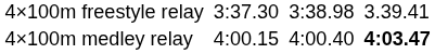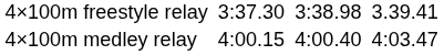 <table>
 <tr>
 <td>4×100m freestyle relay<br></td>
 <td></td>
 <td>3:37.30</td>
 <td><br> </td>
 <td>3:38.98</td>
 <td></td>
 <td>3.39.41</td>
 </tr>
 <tr>
 <td>4×100m medley relay<br></td>
 <td></td>
 <td>4:00.15</td>
 <td> <br> </td>
 <td>4:00.40</td>
 <td></td>
-<td><strong>4:03.47</strong></td>
+<td>4:03.47</td>
 </tr>
 </table>
